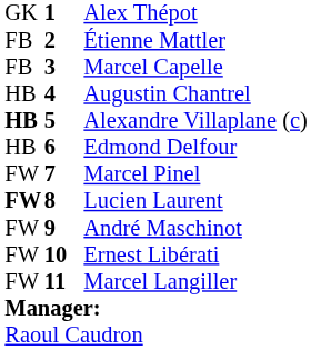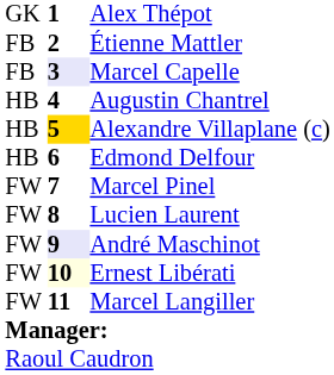 <table style="font-size: 90%" cellspacing="0" cellpadding="0" align=center>
 <tr>
 <th width="25"></th>
 <th width="25"></th>
 </tr>
 <tr>
 <td>GK</td>
 <td><strong>1</strong></td>
 <td><a href='#'>Alex Thépot</a></td>
 </tr>
 <tr>
 <td>FB</td>
 <td><strong>2</strong></td>
 <td><a href='#'>Étienne Mattler</a></td>
 </tr>
 <tr>
 <td>FB</td>
-<td><strong>3</strong></td>
+<td style="background: lavender;"><strong>3</strong></td>
 <td><a href='#'>Marcel Capelle</a></td>
 </tr>
 <tr>
 <td>HB</td>
 <td><strong>4</strong></td>
 <td><a href='#'>Augustin Chantrel</a></td>
 </tr>
 <tr>
-<td><strong>HB</strong></td>
-<td><strong>5</strong></td>
+<td>HB</td>
+<td style="background: gold;"><strong>5</strong></td>
 <td><a href='#'>Alexandre Villaplane</a> (<a href='#'>c</a>)</td>
 </tr>
 <tr>
 <td>HB</td>
 <td><strong>6</strong></td>
 <td><a href='#'>Edmond Delfour</a></td>
 </tr>
 <tr>
 <td>FW</td>
 <td><strong>7</strong></td>
 <td><a href='#'>Marcel Pinel</a></td>
 </tr>
 <tr>
-<td><strong>FW</strong></td>
+<td>FW</td>
 <td><strong>8</strong></td>
 <td><a href='#'>Lucien Laurent</a></td>
 </tr>
 <tr>
 <td>FW</td>
-<td><strong>9</strong></td>
+<td style="background: lavender;"><strong>9</strong></td>
 <td><a href='#'>André Maschinot</a></td>
 </tr>
 <tr>
 <td>FW</td>
-<td><strong>10</strong></td>
+<td style="background: lightyellow;"><strong>10</strong></td>
 <td><a href='#'>Ernest Libérati</a></td>
 </tr>
 <tr>
 <td>FW</td>
 <td><strong>11</strong></td>
 <td><a href='#'>Marcel Langiller</a></td>
 </tr>
 <tr>
 <td colspan=3><strong>Manager:</strong></td>
 </tr>
 <tr>
 <td colspan=4><a href='#'>Raoul Caudron</a></td>
 </tr>
 </table>
